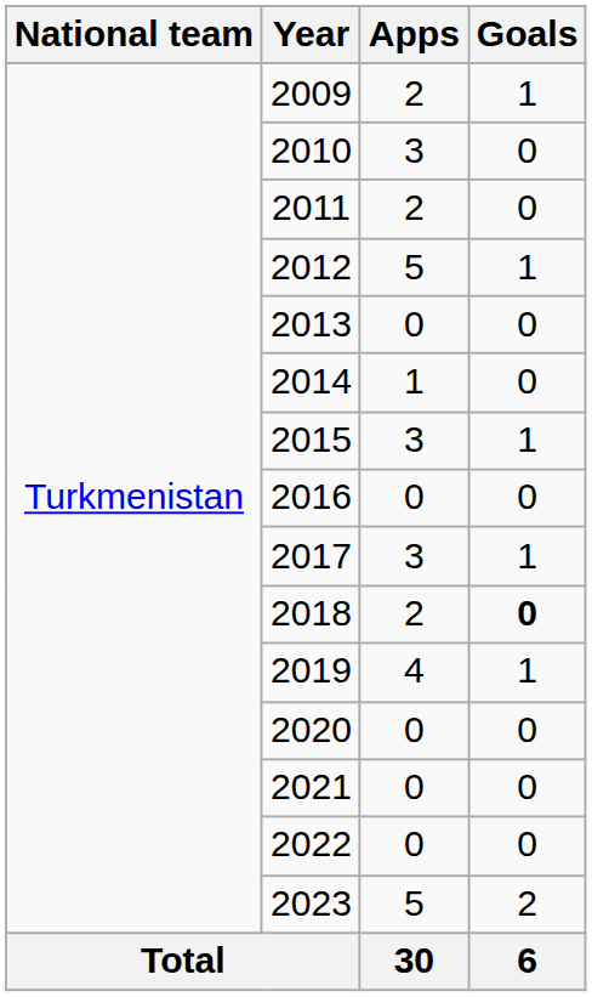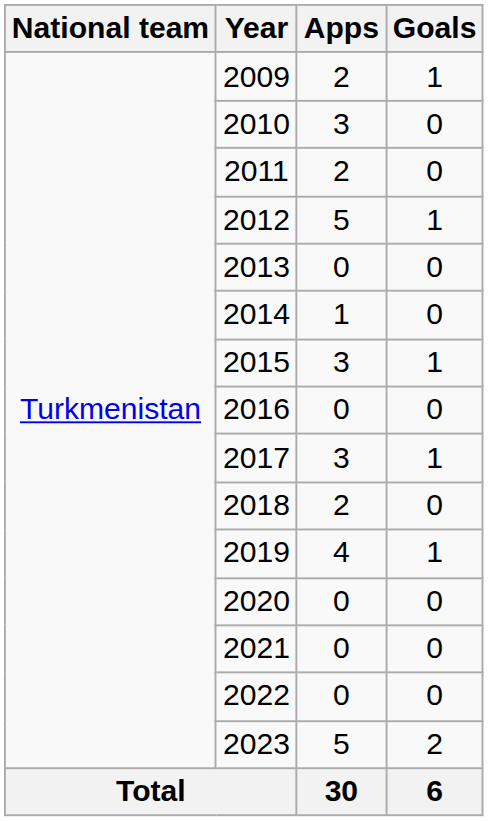 <table class="wikitable" style="text-align:center">
 <tr>
 <th>National team</th>
 <th>Year</th>
 <th>Apps</th>
 <th>Goals</th>
 </tr>
 <tr>
 <td rowspan="15"><a href='#'>Turkmenistan</a></td>
 <td>2009</td>
 <td>2</td>
 <td>1</td>
 </tr>
 <tr>
 <td>2010</td>
 <td>3</td>
 <td>0</td>
 </tr>
 <tr>
 <td>2011</td>
 <td>2</td>
 <td>0</td>
 </tr>
 <tr>
 <td>2012</td>
 <td>5</td>
 <td>1</td>
 </tr>
 <tr>
 <td>2013</td>
 <td>0</td>
 <td>0</td>
 </tr>
 <tr>
 <td>2014</td>
 <td>1</td>
 <td>0</td>
 </tr>
 <tr>
 <td>2015</td>
 <td>3</td>
 <td>1</td>
 </tr>
 <tr>
 <td>2016</td>
 <td>0</td>
 <td>0</td>
 </tr>
 <tr>
 <td>2017</td>
 <td>3</td>
 <td>1</td>
 </tr>
 <tr>
 <td>2018</td>
 <td>2</td>
-<td><strong>0</strong></td>
+<td>0</td>
 </tr>
 <tr>
 <td>2019</td>
 <td>4</td>
 <td>1</td>
 </tr>
 <tr>
 <td>2020</td>
 <td>0</td>
 <td>0</td>
 </tr>
 <tr>
 <td>2021</td>
 <td>0</td>
 <td>0</td>
 </tr>
 <tr>
 <td>2022</td>
 <td>0</td>
 <td>0</td>
 </tr>
 <tr>
 <td>2023</td>
 <td>5</td>
 <td>2</td>
 </tr>
 <tr>
 <th colspan="2">Total</th>
 <th>30</th>
 <th>6</th>
 </tr>
 </table>
